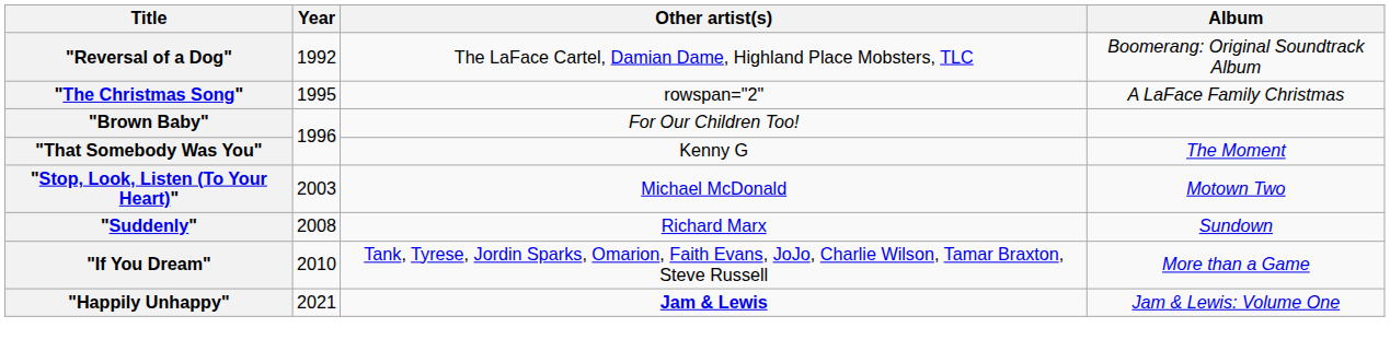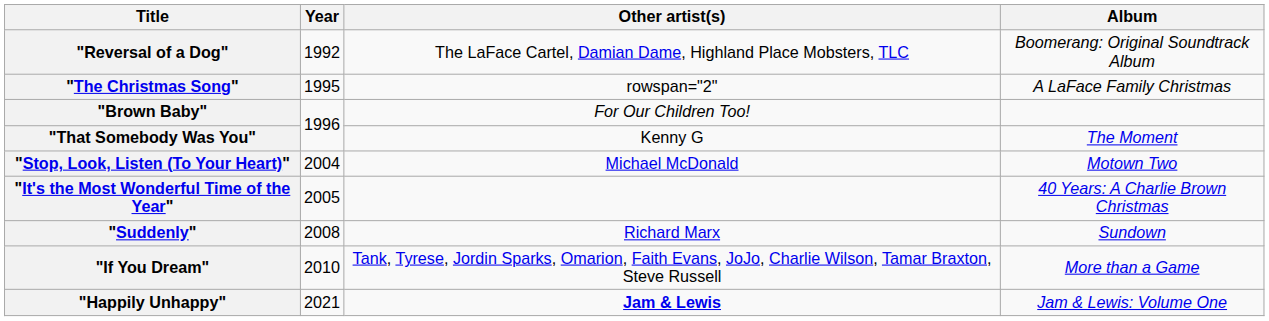 <table class="wikitable plainrowheaders" style="text-align:center;">
 <tr>
 <th scope="col">Title</th>
 <th scope="col" style="width:1em;">Year</th>
 <th scope="col">Other artist(s)</th>
 <th scope="col">Album</th>
 </tr>
 <tr>
 <th scope="row">"Reversal of a Dog"</th>
 <td>1992</td>
 <td>The LaFace Cartel, <a href='#'>Damian Dame</a>, Highland Place Mobsters, <a href='#'>TLC</a></td>
 <td><em>Boomerang: Original Soundtrack Album</em></td>
 </tr>
 <tr>
 <th scope="row">"<a href='#'>The Christmas Song</a>"</th>
 <td>1995</td>
 <td>rowspan="2" </td>
 <td><em>A LaFace Family Christmas</em></td>
 </tr>
 <tr>
 <th scope="row">"Brown Baby"</th>
 <td rowspan="2">1996</td>
 <td><em>For Our Children Too!</em></td>
 </tr>
 <tr>
 <th scope="row">"That Somebody Was You"</th>
 <td>Kenny G</td>
 <td><em><a href='#'>The Moment</a></em></td>
 </tr>
 <tr>
 <th scope="row">"<a href='#'>Stop, Look, Listen (To Your Heart)</a>"</th>
-<td>2003</td>
+<td>2004</td>
 <td><a href='#'>Michael McDonald</a></td>
 <td><em><a href='#'>Motown Two</a></em></td>
+</tr>
+<tr>
+<th scope="row">"<a href='#'>It's the Most Wonderful Time of the Year</a>"</th>
+<td>2005</td>
+<td></td>
+<td><em><a href='#'>40 Years: A Charlie Brown Christmas</a></em></td>
 </tr>
 <tr>
 <th scope="row">"<a href='#'>Suddenly</a>"</th>
 <td>2008</td>
 <td><a href='#'>Richard Marx</a></td>
 <td><em><a href='#'>Sundown</a></em></td>
 </tr>
 <tr>
 <th scope="row">"If You Dream"</th>
 <td>2010</td>
 <td><a href='#'>Tank</a>, <a href='#'>Tyrese</a>, <a href='#'>Jordin Sparks</a>, <a href='#'>Omarion</a>, <a href='#'>Faith Evans</a>, <a href='#'>JoJo</a>, <a href='#'>Charlie Wilson</a>, <a href='#'>Tamar Braxton</a>, Steve Russell</td>
 <td><em><a href='#'>More than a Game</a></em></td>
 </tr>
 <tr>
 <th scope="row">"Happily Unhappy"</th>
 <td>2021</td>
 <td><strong><a href='#'>Jam & Lewis</a></strong></td>
 <td><em><a href='#'>Jam & Lewis: Volume One</a></em></td>
 </tr>
 </table>
